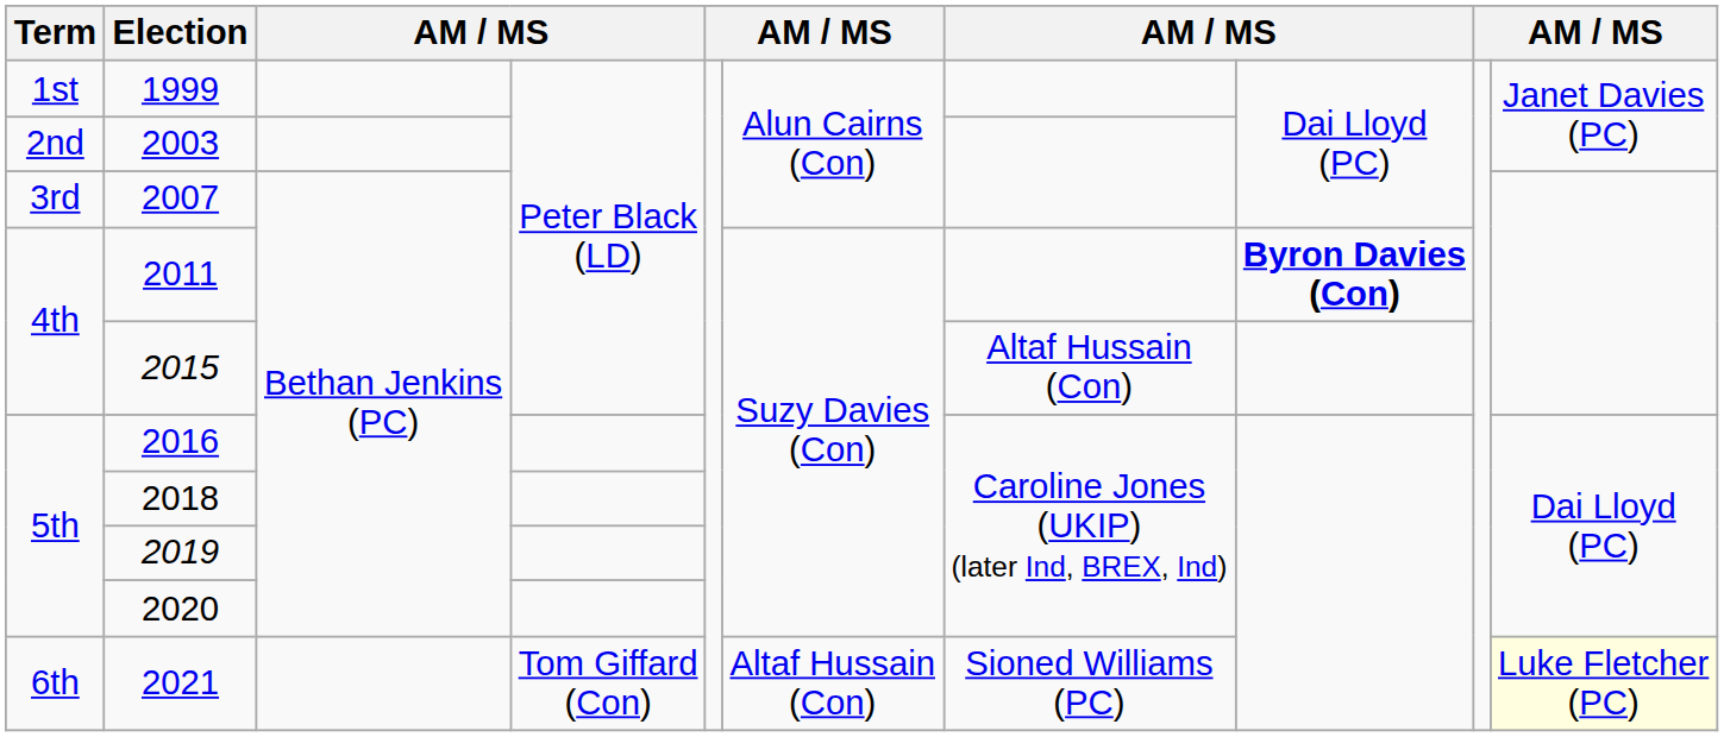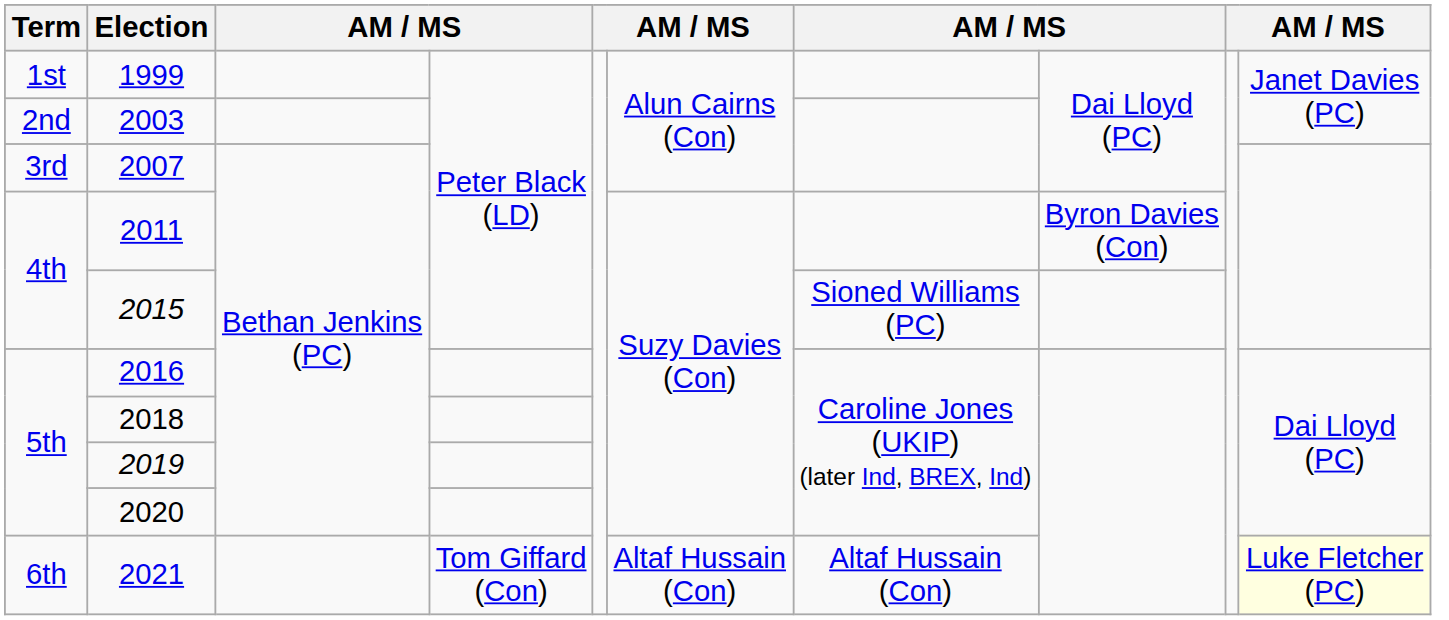 <table class="wikitable" style="text-align:center">
 <tr>
 <th>Term</th>
 <th>Election</th>
 <th colspan="2">AM / MS</th>
 <th colspan="2">AM / MS</th>
 <th colspan="2">AM / MS</th>
 <th colspan="2">AM / MS</th>
 </tr>
 <tr>
 <td><a href='#'>1st</a></td>
 <td><a href='#'>1999</a></td>
 <td></td>
 <td rowspan="5"><a href='#'>Peter Black</a><br>(<a href='#'>LD</a>)</td>
 <td rowspan="10" style="color:inherit;background:"></td>
 <td rowspan="3"><a href='#'>Alun Cairns</a><br>(<a href='#'>Con</a>)</td>
 <td></td>
 <td rowspan="3"><a href='#'>Dai Lloyd</a><br>(<a href='#'>PC</a>)</td>
 <td rowspan="10" style="color:inherit;background:"></td>
 <td rowspan="2"><a href='#'>Janet Davies</a><br>(<a href='#'>PC</a>)</td>
 </tr>
 <tr>
 <td><a href='#'>2nd</a></td>
 <td><a href='#'>2003</a></td>
 </tr>
 <tr>
 <td><a href='#'>3rd</a></td>
 <td><a href='#'>2007</a></td>
 <td rowspan="7"><a href='#'>Bethan Jenkins</a><br>(<a href='#'>PC</a>)</td>
 </tr>
 <tr>
 <td rowspan="2"><a href='#'>4th</a></td>
 <td><a href='#'>2011</a></td>
 <td rowspan="6"><a href='#'>Suzy Davies</a><br>(<a href='#'>Con</a>)</td>
 <td></td>
-<td><strong><a href='#'>Byron Davies</a><br>(<a href='#'>Con</a>)</strong></td>
+<td><a href='#'>Byron Davies</a><br>(<a href='#'>Con</a>)</td>
 </tr>
 <tr>
 <td><em>2015</em></td>
-<td><a href='#'>Altaf Hussain</a><br>(<a href='#'>Con</a>)</td>
+<td><a href='#'>Sioned Williams</a><br>(<a href='#'>PC</a>)</td>
 </tr>
 <tr>
 <td rowspan="4"><a href='#'>5th</a></td>
 <td><a href='#'>2016</a></td>
 <td style="color:inherit;background:"></td>
 <td rowspan="4"><a href='#'>Caroline Jones</a><br>(<a href='#'>UKIP</a>)<br><small>(later <a href='#'>Ind</a>, <a href='#'>BREX</a>, <a href='#'>Ind</a>)</small></td>
 <td rowspan="5" style="color:inherit;background:"></td>
 <td rowspan="4"><a href='#'>Dai Lloyd</a><br>(<a href='#'>PC</a>)</td>
 </tr>
 <tr>
 <td>2018</td>
 <td style="color:inherit;background:"></td>
 </tr>
 <tr>
 <td><em>2019</em></td>
 <td style="color:inherit;background:"></td>
 </tr>
 <tr>
 <td>2020</td>
 <td style="color:inherit;background:"></td>
 </tr>
 <tr>
 <td><a href='#'>6th</a></td>
 <td><a href='#'>2021</a></td>
 <td style="color:inherit;background:"></td>
 <td><a href='#'>Tom Giffard</a><br>(<a href='#'>Con</a>)</td>
 <td><a href='#'>Altaf Hussain</a><br>(<a href='#'>Con</a>)</td>
-<td><a href='#'>Sioned Williams</a><br>(<a href='#'>PC</a>)</td>
+<td><a href='#'>Altaf Hussain</a><br>(<a href='#'>Con</a>)</td>
 <td style="background: lightyellow;"><a href='#'>Luke Fletcher</a><br>(<a href='#'>PC</a>)</td>
 </tr>
 </table>
